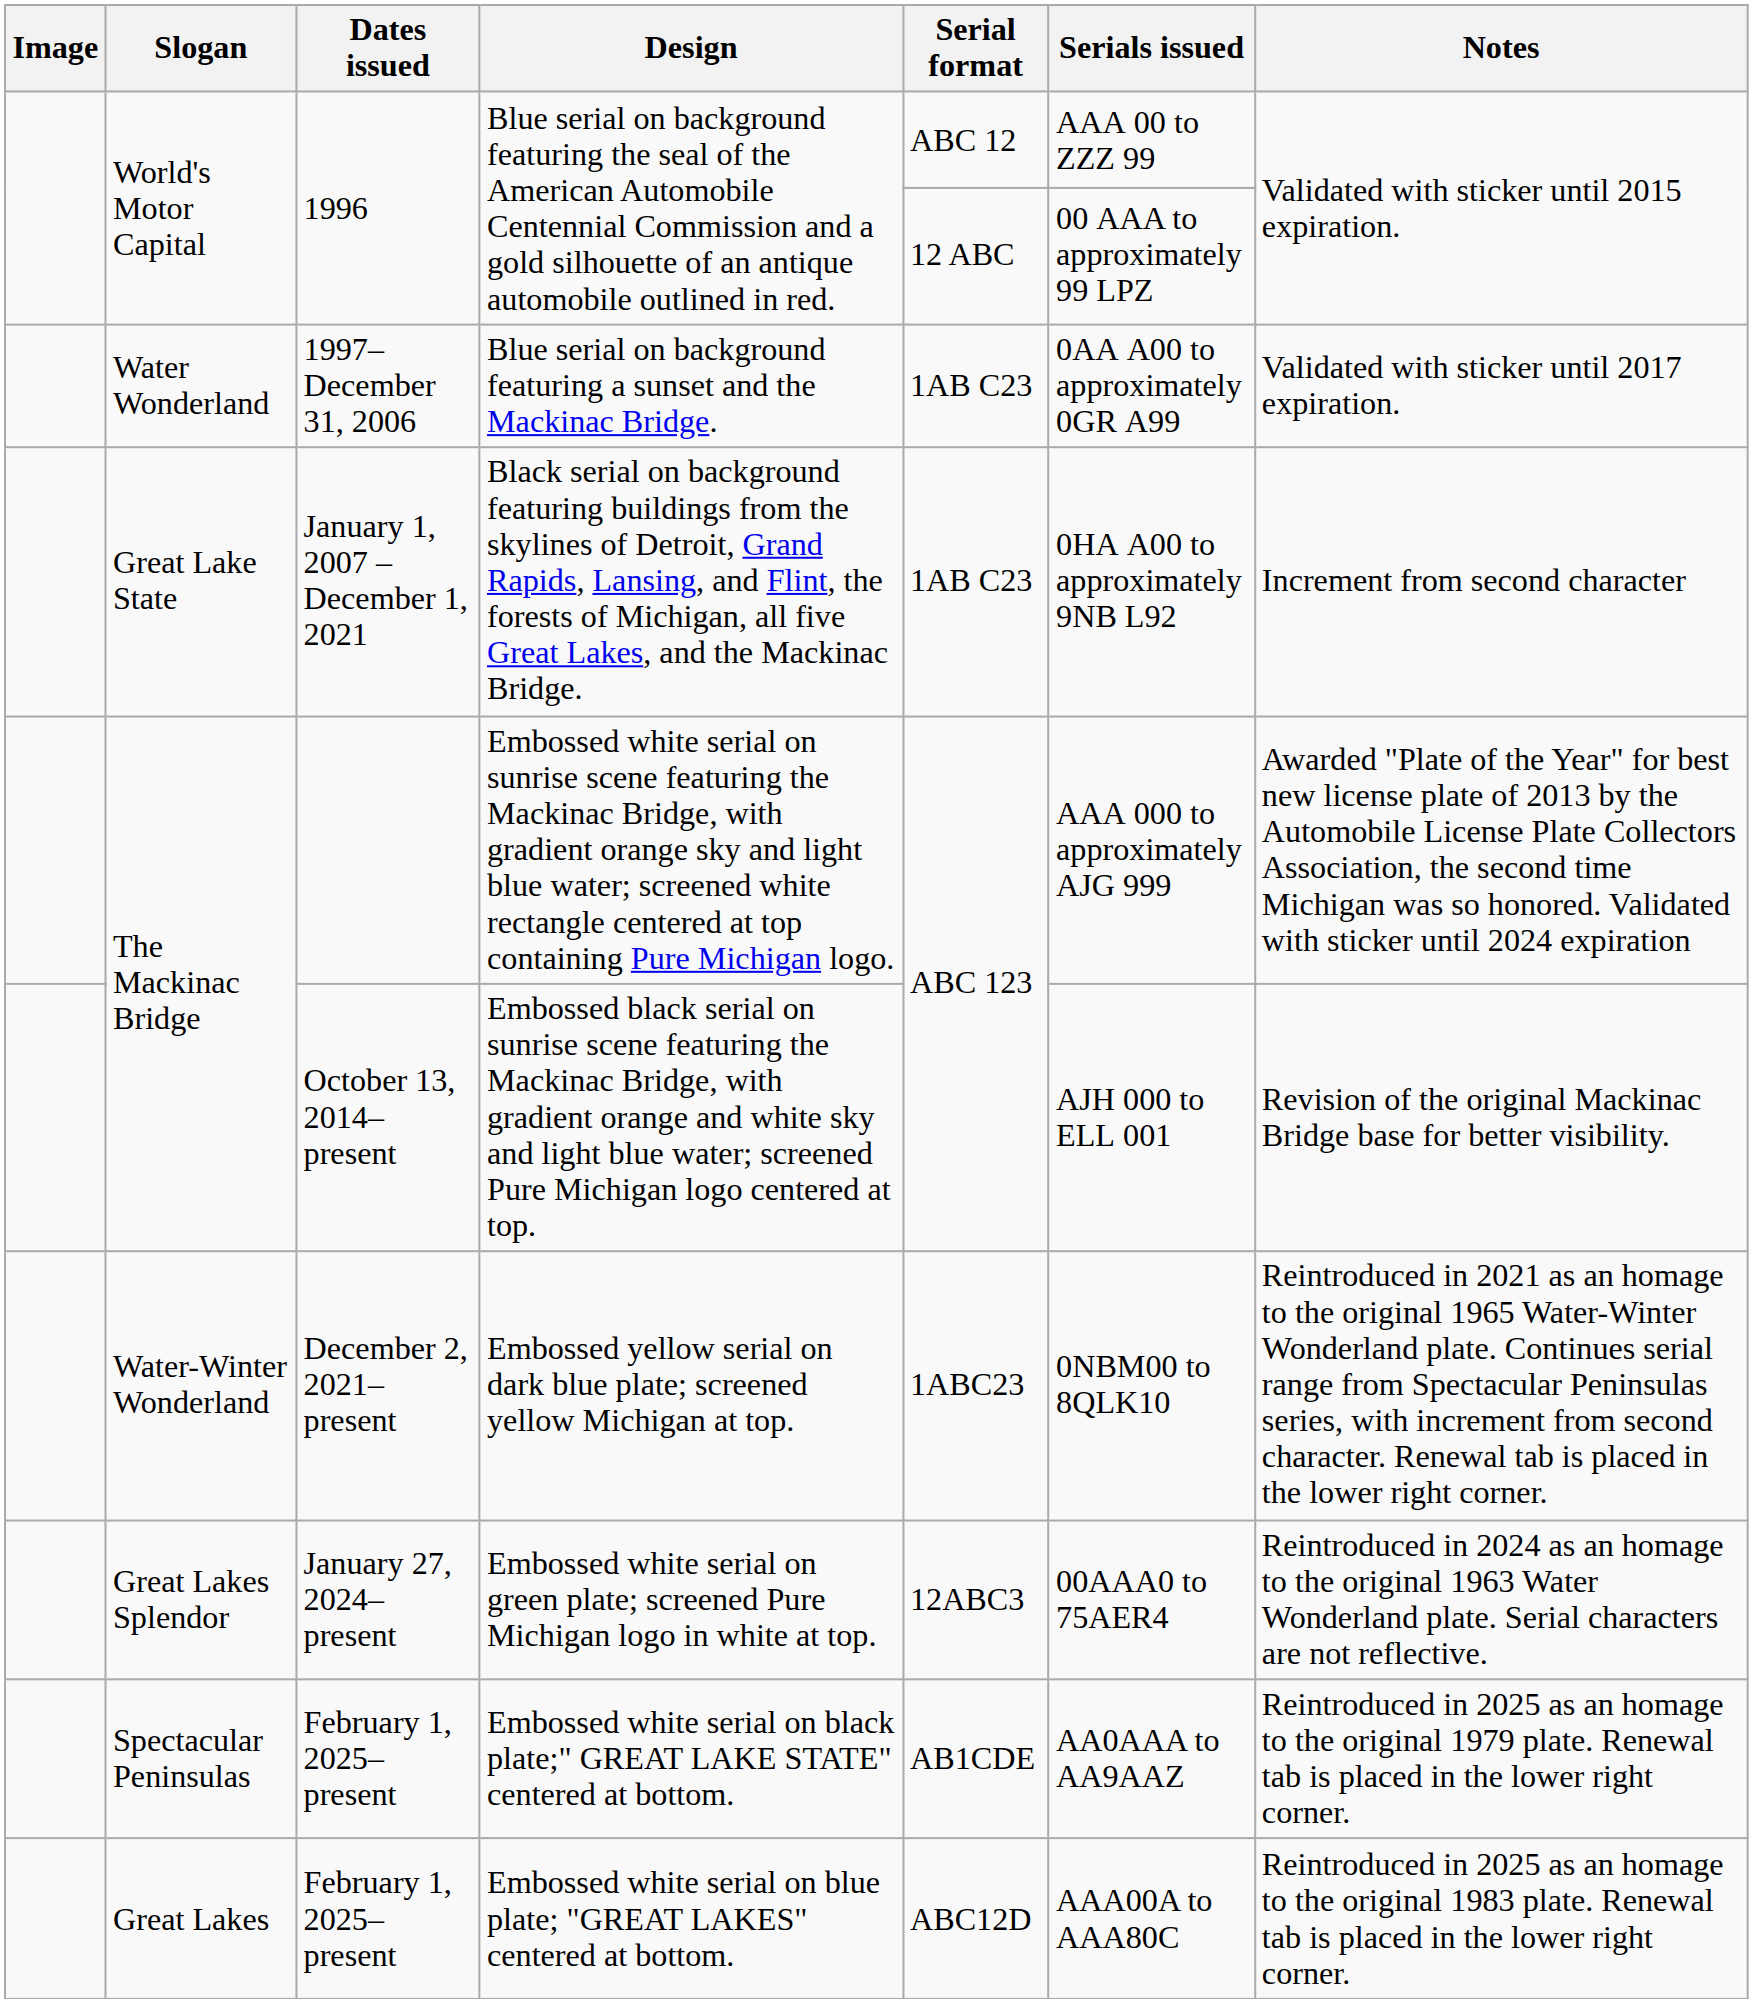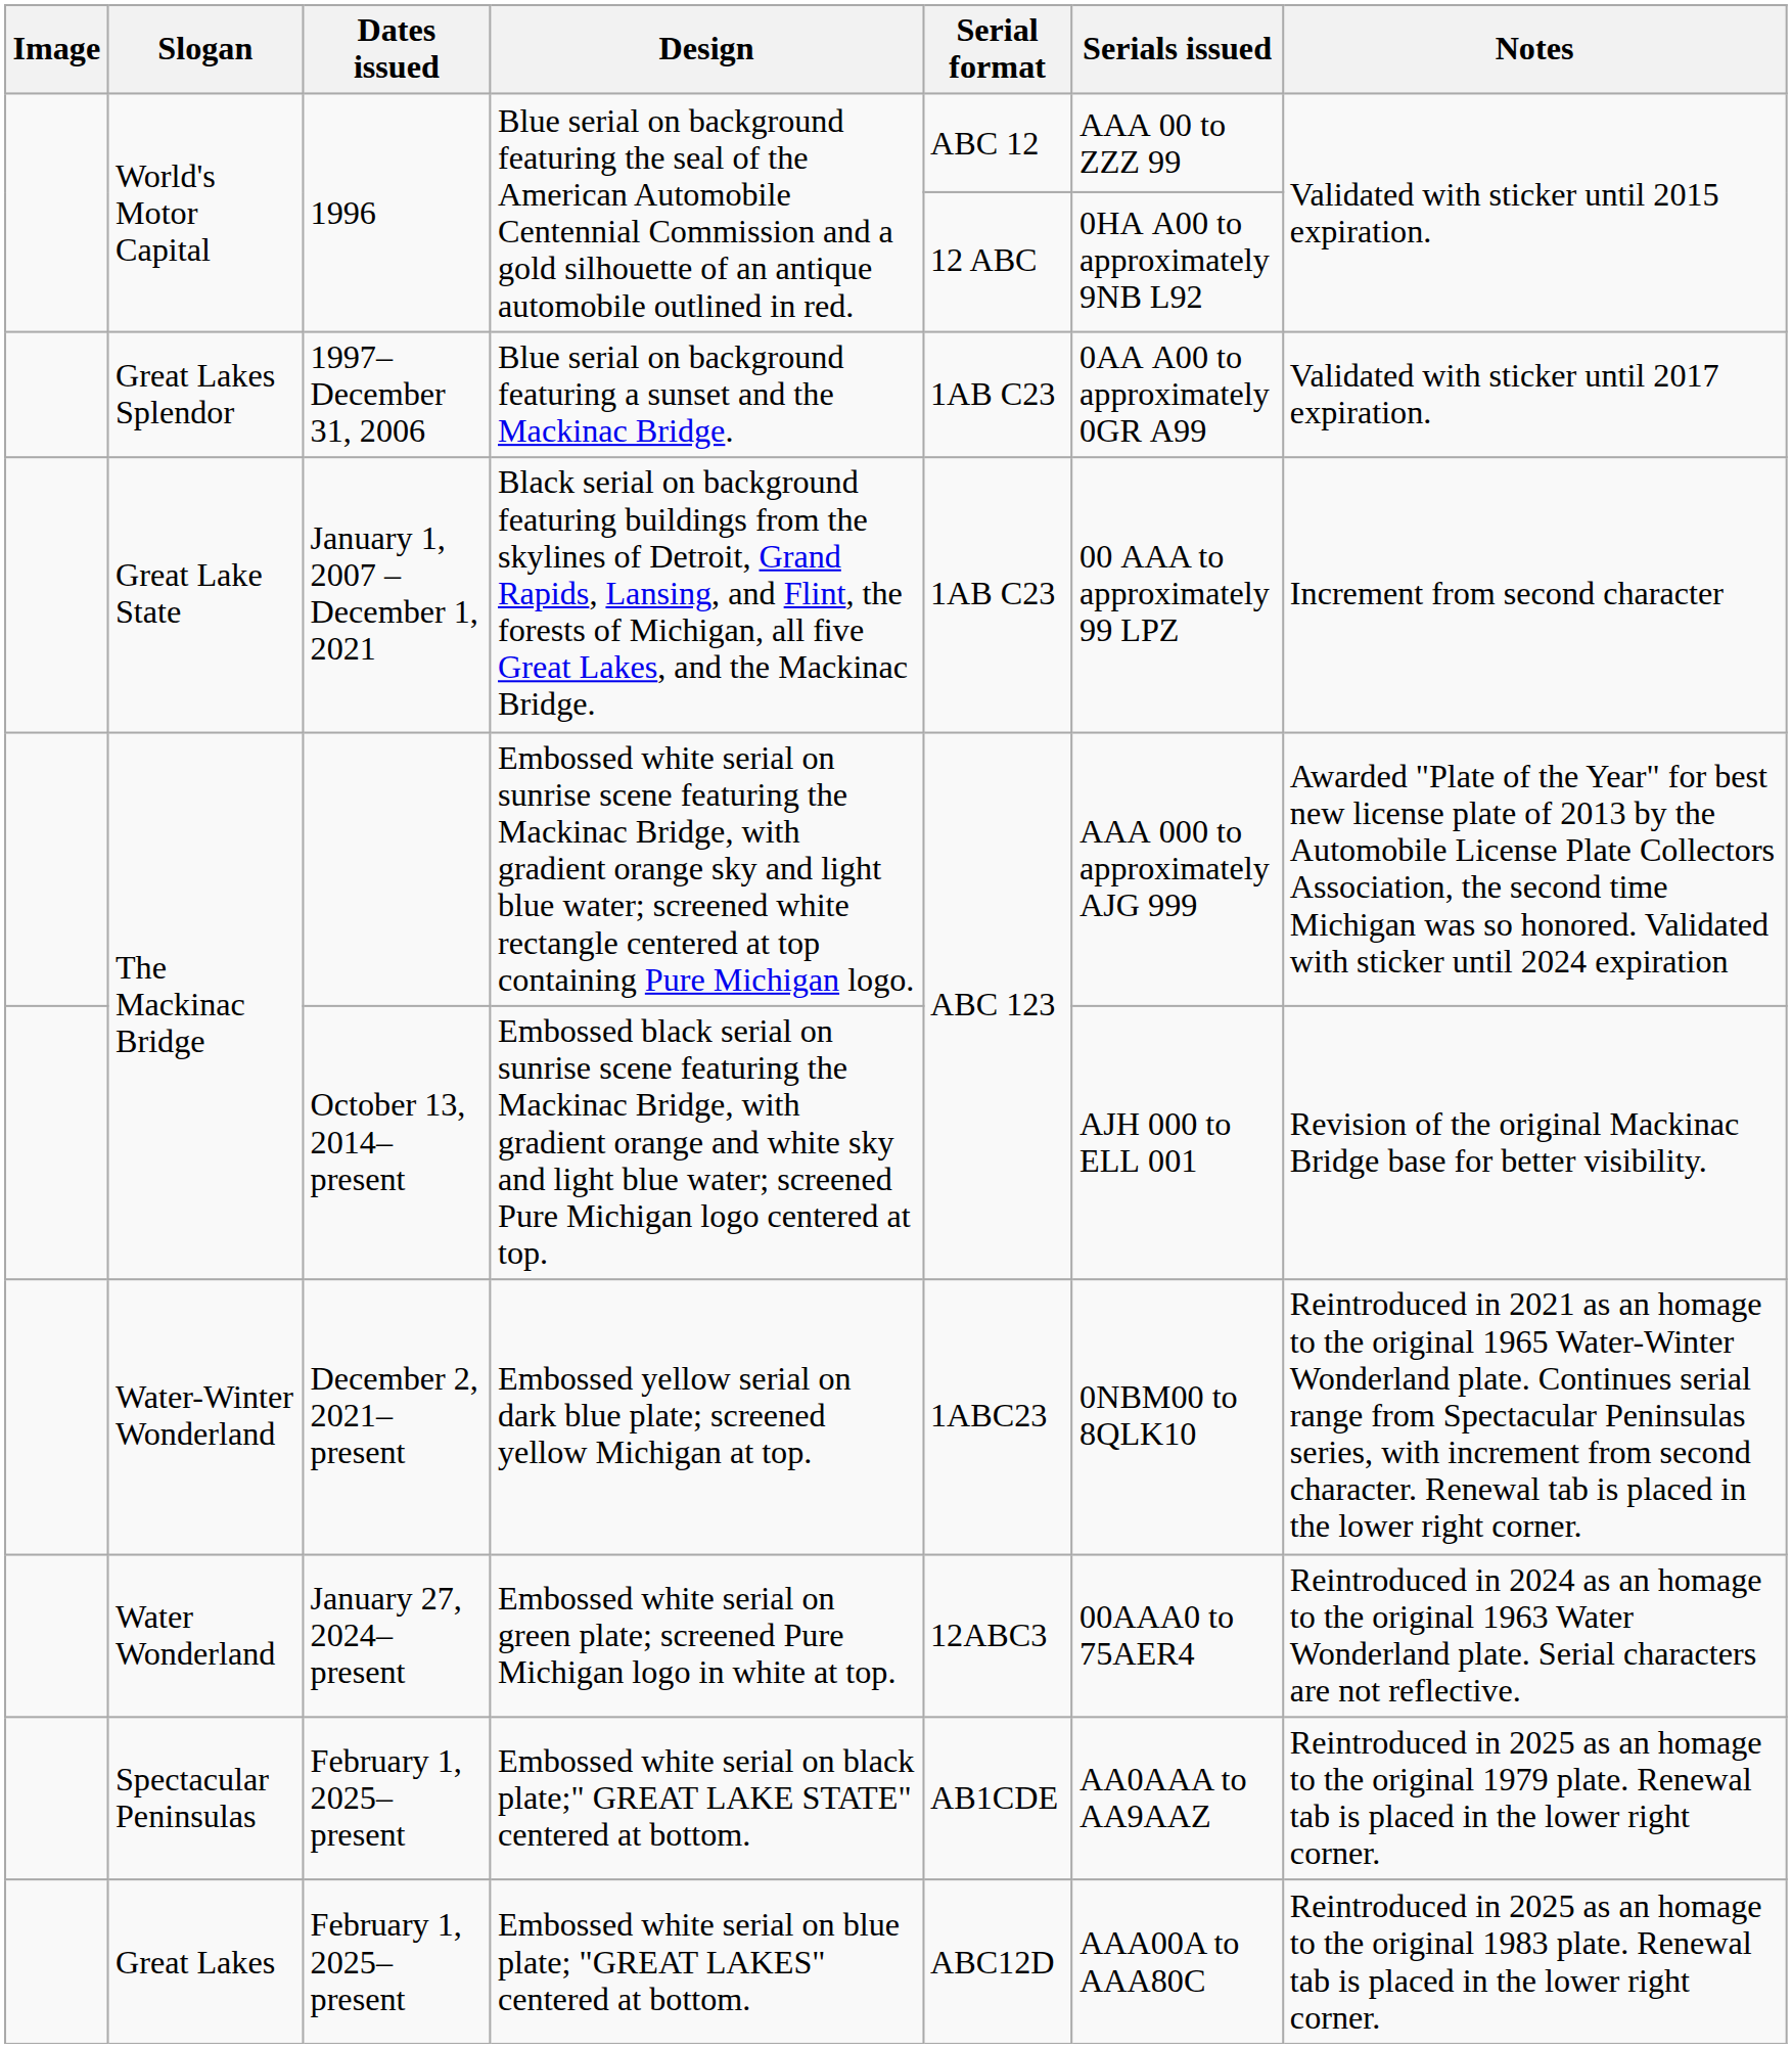 <table class="wikitable">
 <tr>
 <th>Image</th>
 <th>Slogan</th>
 <th>Dates issued</th>
 <th>Design</th>
 <th>Serial format</th>
 <th style="width:95px;">Serials issued</th>
 <th>Notes</th>
 </tr>
 <tr>
 <td rowspan="2"></td>
 <td rowspan="2">World's Motor Capital</td>
 <td rowspan="2">1996</td>
 <td rowspan="2">Blue serial on background featuring the seal of the American Automobile Centennial Commission and a gold silhouette of an antique automobile outlined in red.</td>
 <td>ABC 12</td>
 <td>AAA 00 to ZZZ 99</td>
 <td rowspan="2">Validated with sticker until 2015 expiration.</td>
 </tr>
 <tr>
 <td>12 ABC</td>
-<td>00 AAA to approximately 99 LPZ</td>
+<td>0HA A00 to approximately 9NB L92</td>
 </tr>
 <tr>
 <td></td>
-<td>Water Wonderland</td>
+<td>Great Lakes Splendor</td>
 <td>1997–December 31, 2006</td>
 <td>Blue serial on background featuring a sunset and the <a href='#'>Mackinac Bridge</a>.</td>
 <td>1AB C23</td>
 <td>0AA A00 to approximately 0GR A99</td>
 <td>Validated with sticker until 2017 expiration.</td>
 </tr>
 <tr>
 <td></td>
 <td>Great Lake State</td>
 <td>January 1, 2007 – December 1, 2021</td>
 <td>Black serial on background featuring buildings from the skylines of Detroit, <a href='#'>Grand Rapids</a>, <a href='#'>Lansing</a>, and <a href='#'>Flint</a>, the forests of Michigan, all five <a href='#'>Great Lakes</a>, and the Mackinac Bridge.</td>
 <td>1AB C23</td>
-<td>0HA A00 to approximately 9NB L92</td>
+<td>00 AAA to approximately 99 LPZ</td>
 <td>Increment from second character</td>
 </tr>
 <tr>
 <td></td>
 <td rowspan="2">The Mackinac Bridge</td>
 <td></td>
 <td>Embossed white serial on sunrise scene featuring the Mackinac Bridge, with gradient orange sky and light blue water; screened white rectangle centered at top containing <a href='#'>Pure Michigan</a> logo.</td>
 <td rowspan="2">ABC 123</td>
 <td>AAA 000 to approximately AJG 999</td>
 <td>Awarded "Plate of the Year" for best new license plate of 2013 by the Automobile License Plate Collectors Association, the second time Michigan was so honored. Validated with sticker until 2024 expiration</td>
 </tr>
 <tr>
 <td></td>
 <td>October 13, 2014–present</td>
 <td>Embossed black serial on sunrise scene featuring the Mackinac Bridge, with gradient orange and white sky and light blue water; screened Pure Michigan logo centered at top.</td>
 <td>AJH 000 to ELL 001 </td>
 <td>Revision of the original Mackinac Bridge base for better visibility.</td>
 </tr>
 <tr>
 <td></td>
 <td>Water-Winter Wonderland</td>
 <td>December 2, 2021–present</td>
 <td>Embossed yellow serial on dark blue plate; screened yellow Michigan at top.</td>
 <td>1ABC23</td>
 <td>0NBM00 to 8QLK10 </td>
 <td>Reintroduced in 2021 as an homage to the original 1965 Water-Winter Wonderland plate. Continues serial range from Spectacular Peninsulas series, with increment from second character. Renewal tab is placed in the lower right corner.</td>
 </tr>
 <tr>
 <td></td>
-<td>Great Lakes Splendor</td>
+<td>Water Wonderland</td>
 <td>January 27, 2024–present</td>
 <td>Embossed white serial on green plate; screened Pure Michigan logo in white at top.</td>
 <td>12ABC3</td>
 <td>00AAA0 to 75AER4 </td>
 <td>Reintroduced in 2024 as an homage to the original 1963 Water Wonderland plate. Serial characters are not reflective.</td>
 </tr>
 <tr>
 <td></td>
 <td>Spectacular Peninsulas</td>
 <td>February 1, 2025–present</td>
 <td>Embossed white serial on black plate;" GREAT LAKE STATE" centered at bottom.</td>
 <td>AB1CDE</td>
 <td>AA0AAA to AA9AAZ </td>
 <td>Reintroduced in 2025 as an homage to the original 1979 plate. Renewal tab is placed in the lower right corner.</td>
 </tr>
 <tr>
 <td></td>
 <td>Great Lakes</td>
 <td>February 1, 2025–present</td>
 <td>Embossed white serial on blue plate; "GREAT LAKES" centered at bottom.</td>
 <td>ABC12D</td>
 <td>AAA00A to AAA80C </td>
 <td>Reintroduced in 2025 as an homage to the original 1983 plate. Renewal tab is placed in the lower right corner.</td>
 </tr>
 </table>
